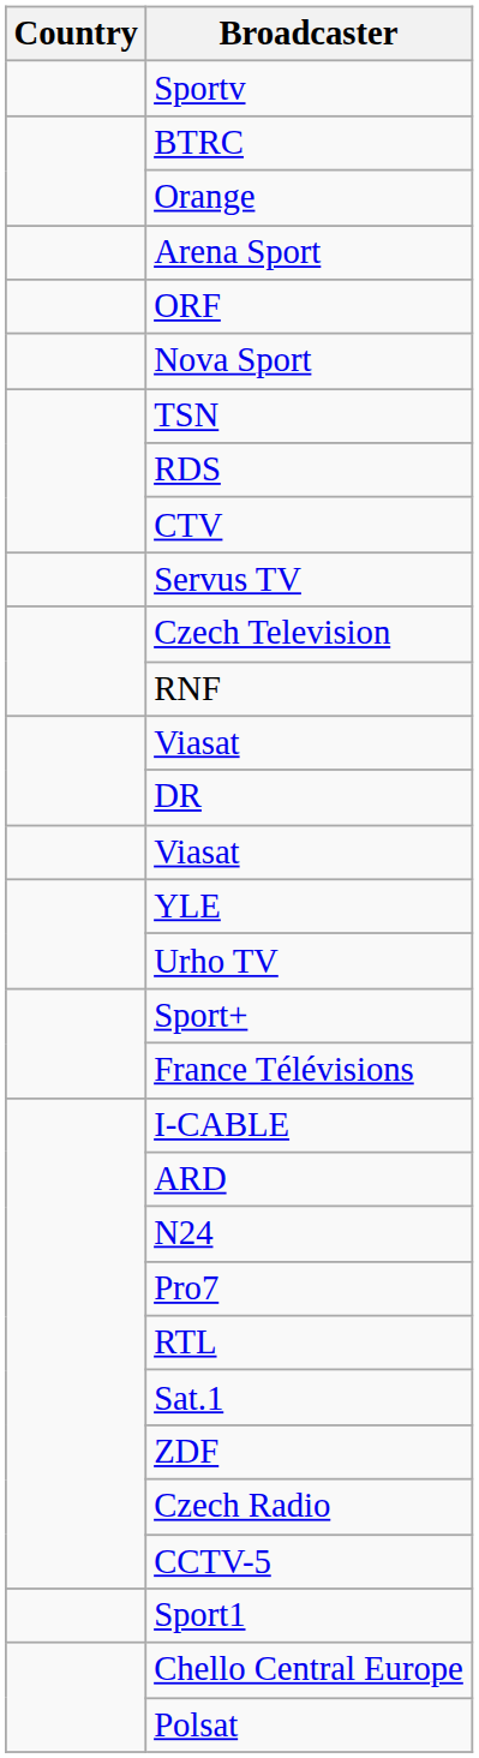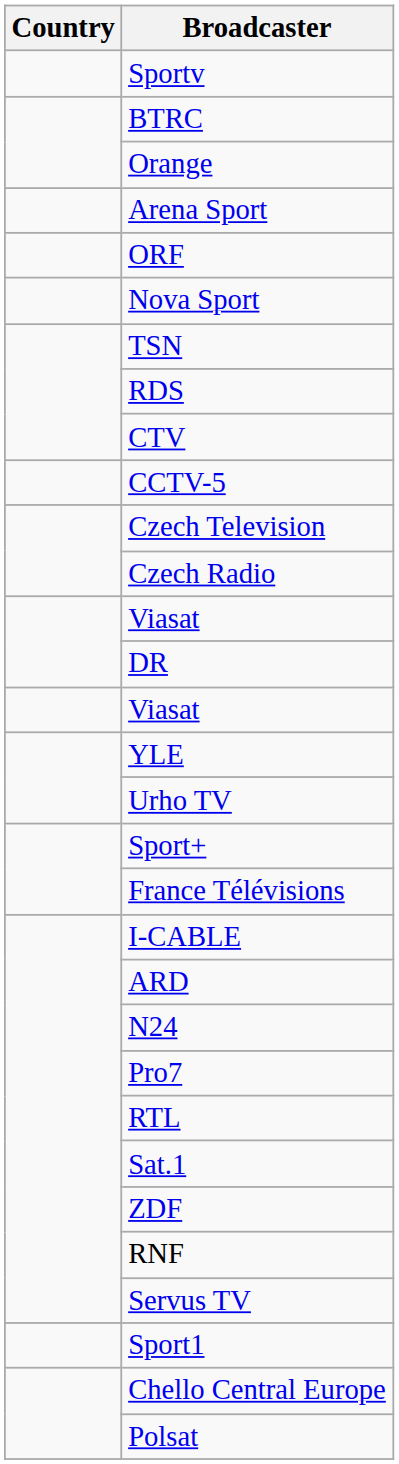 <table class="wikitable" style="float:left; margin-right:1em;">
 <tr>
 <th>Country</th>
 <th>Broadcaster</th>
 </tr>
 <tr>
 <td></td>
 <td><a href='#'>Sportv</a></td>
 </tr>
 <tr>
 <td rowspan=2></td>
 <td><a href='#'>BTRC</a></td>
 </tr>
 <tr>
 <td><a href='#'>Orange</a></td>
 </tr>
 <tr>
 <td></td>
 <td><a href='#'>Arena Sport</a></td>
 </tr>
 <tr>
 <td></td>
 <td><a href='#'>ORF</a></td>
 </tr>
 <tr>
 <td></td>
 <td><a href='#'>Nova Sport</a></td>
 </tr>
 <tr>
 <td rowspan=3></td>
 <td><a href='#'>TSN</a></td>
 </tr>
 <tr>
 <td><a href='#'>RDS</a></td>
 </tr>
 <tr>
 <td><a href='#'>CTV</a></td>
 </tr>
 <tr>
 <td></td>
-<td><a href='#'>Servus TV</a></td>
+<td><a href='#'>CCTV-5</a></td>
 </tr>
 <tr>
 <td rowspan=2></td>
 <td><a href='#'>Czech Television</a></td>
 </tr>
 <tr>
-<td>RNF</td>
+<td><a href='#'>Czech Radio</a></td>
 </tr>
 <tr>
 <td rowspan=2></td>
 <td><a href='#'>Viasat</a></td>
 </tr>
 <tr>
 <td><a href='#'>DR</a></td>
 </tr>
 <tr>
 <td></td>
 <td><a href='#'>Viasat</a></td>
 </tr>
 <tr>
 <td rowspan=2></td>
 <td><a href='#'>YLE</a></td>
 </tr>
 <tr>
 <td><a href='#'>Urho TV</a></td>
 </tr>
 <tr>
 <td rowspan=2></td>
 <td><a href='#'>Sport+</a></td>
 </tr>
 <tr>
 <td><a href='#'>France Télévisions</a></td>
 </tr>
 <tr>
 <td rowspan=9></td>
 <td><a href='#'>I-CABLE</a></td>
 </tr>
 <tr>
 <td><a href='#'>ARD</a></td>
 </tr>
 <tr>
 <td><a href='#'>N24</a></td>
 </tr>
 <tr>
 <td><a href='#'>Pro7</a></td>
 </tr>
 <tr>
 <td><a href='#'>RTL</a></td>
 </tr>
 <tr>
 <td><a href='#'>Sat.1</a></td>
 </tr>
 <tr>
 <td><a href='#'>ZDF</a></td>
 </tr>
 <tr>
-<td><a href='#'>Czech Radio</a></td>
+<td>RNF</td>
 </tr>
 <tr>
-<td><a href='#'>CCTV-5</a></td>
+<td><a href='#'>Servus TV</a></td>
 </tr>
 <tr>
 <td></td>
 <td><a href='#'>Sport1</a></td>
 </tr>
 <tr>
 <td rowspan=2></td>
 <td><a href='#'>Chello Central Europe</a></td>
 </tr>
 <tr>
 <td><a href='#'>Polsat</a></td>
 </tr>
 </table>
